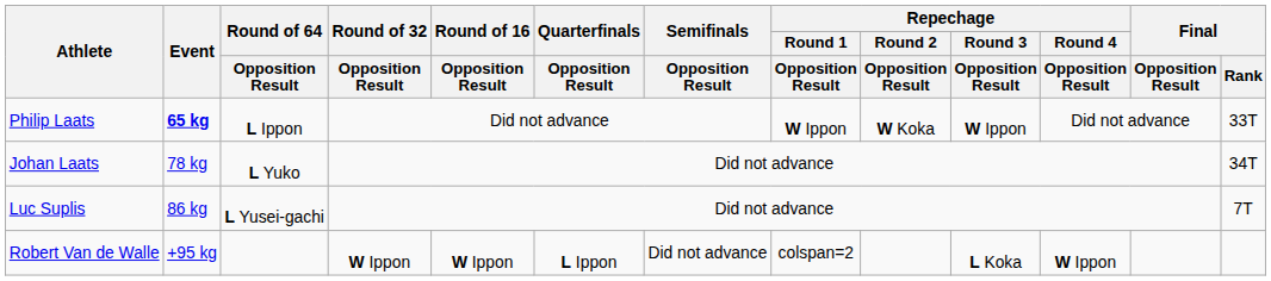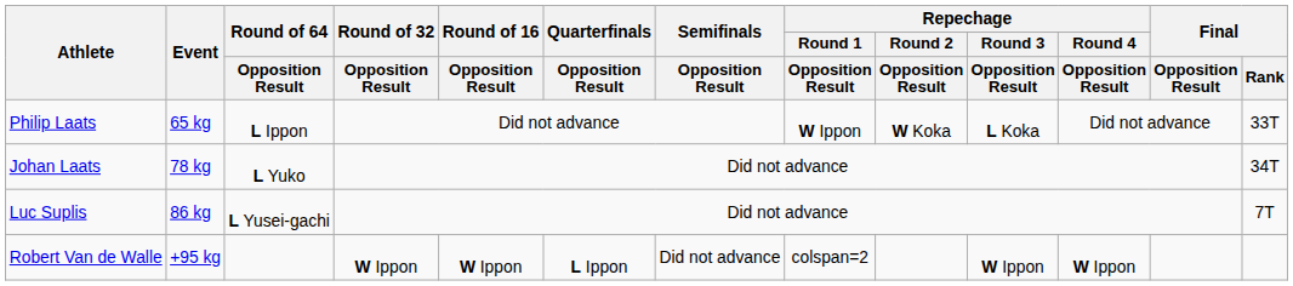 <table class="wikitable" style="font-size:90%">
 <tr>
 <th rowspan="3">Athlete</th>
 <th rowspan="3">Event</th>
 <th rowspan="2">Round of 64</th>
 <th rowspan="2">Round of 32</th>
 <th rowspan="2">Round of 16</th>
 <th rowspan="2">Quarterfinals</th>
 <th rowspan="2">Semifinals</th>
 <th colspan=4>Repechage</th>
 <th rowspan="2" colspan=2>Final</th>
 </tr>
 <tr style="font-size:95%">
 <th>Round 1</th>
 <th>Round 2</th>
 <th>Round 3</th>
 <th>Round 4</th>
 </tr>
 <tr style="font-size:95%">
 <th>Opposition<br>Result</th>
 <th>Opposition<br>Result</th>
 <th>Opposition<br>Result</th>
 <th>Opposition<br>Result</th>
 <th>Opposition<br>Result</th>
 <th>Opposition<br>Result</th>
 <th>Opposition<br>Result</th>
 <th>Opposition<br>Result</th>
 <th>Opposition<br>Result</th>
 <th>Opposition<br>Result</th>
 <th>Rank</th>
 </tr>
 <tr align=center>
 <td align=left><a href='#'>Philip Laats</a></td>
-<td align=left><strong><a href='#'>65 kg</a></strong></td>
+<td align=left><a href='#'>65 kg</a></td>
 <td><br><strong>L</strong> Ippon</td>
 <td colspan=4>Did not advance</td>
 <td><br><strong>W</strong> Ippon</td>
 <td><br><strong>W</strong> Koka</td>
-<td><br><strong>W</strong> Ippon</td>
+<td><br><strong>L</strong> Koka</td>
 <td colspan=2>Did not advance</td>
 <td>33T</td>
 </tr>
 <tr align=center>
 <td align=left><a href='#'>Johan Laats</a></td>
 <td align=left><a href='#'>78 kg</a></td>
 <td><br><strong>L</strong> Yuko</td>
 <td colspan=9>Did not advance</td>
 <td>34T</td>
 </tr>
 <tr align=center>
 <td align=left><a href='#'>Luc Suplis</a></td>
 <td align=left><a href='#'>86 kg</a></td>
 <td><br><strong>L</strong> Yusei-gachi</td>
 <td colspan=9>Did not advance</td>
 <td>7T</td>
 </tr>
 <tr align=center>
 <td align=left><a href='#'>Robert Van de Walle</a></td>
 <td align=left><a href='#'>+95 kg</a></td>
 <td></td>
 <td><br><strong>W</strong> Ippon</td>
 <td><br><strong>W</strong> Ippon</td>
 <td><br><strong>L</strong> Ippon</td>
 <td>Did not advance</td>
 <td>colspan=2 </td>
 <td></td>
-<td><br><strong>L</strong> Koka</td>
+<td><br><strong>W</strong> Ippon</td>
 <td><br><strong>W</strong> Ippon</td>
 <td></td>
 </tr>
 </table>
